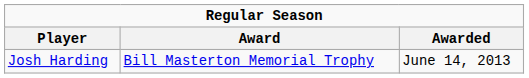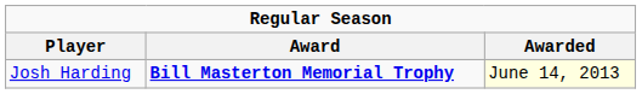 <table class="wikitable" width="55%">
 <tr>
 <td colspan="10" align="center"><strong>Regular Season</strong></td>
 </tr>
 <tr>
 <th>Player</th>
 <th>Award</th>
 <th>Awarded</th>
 </tr>
 <tr>
 <td><a href='#'>Josh Harding</a></td>
-<td><a href='#'>Bill Masterton Memorial Trophy</a></td>
-<td>June 14, 2013</td>
+<td><strong><a href='#'>Bill Masterton Memorial Trophy</a></strong></td>
+<td style="background: lightyellow;">June 14, 2013</td>
 </tr>
 </table>
